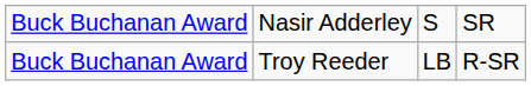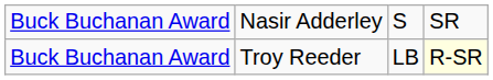 <table class="wikitable">
 <tr>
 <td><a href='#'>Buck Buchanan Award</a></td>
 <td>Nasir Adderley</td>
 <td>S</td>
 <td>SR</td>
 </tr>
 <tr>
 <td><a href='#'>Buck Buchanan Award</a></td>
 <td>Troy Reeder</td>
 <td>LB</td>
-<td>R-SR</td>
+<td style="background: lightyellow;">R-SR</td>
 </tr>
 </table>
